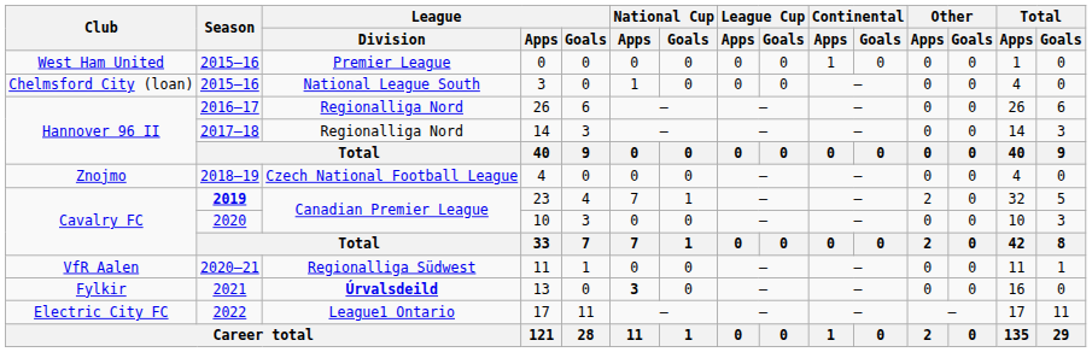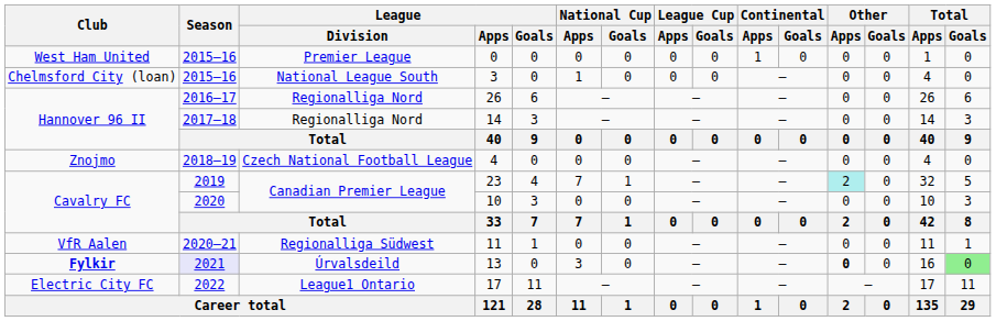 <table class="wikitable" style="text-align:center">
 <tr>
 <th rowspan="2">Club</th>
 <th rowspan="2">Season</th>
 <th colspan="3">League</th>
 <th colspan="2">National Cup</th>
 <th colspan="2">League Cup</th>
 <th colspan="2">Continental</th>
 <th colspan="2">Other</th>
 <th colspan="2">Total</th>
 </tr>
 <tr>
 <th>Division</th>
 <th>Apps</th>
 <th>Goals</th>
 <th>Apps</th>
 <th>Goals</th>
 <th>Apps</th>
 <th>Goals</th>
 <th>Apps</th>
 <th>Goals</th>
 <th>Apps</th>
 <th>Goals</th>
 <th>Apps</th>
 <th>Goals</th>
 </tr>
 <tr>
 <td><a href='#'>West Ham United</a></td>
 <td><a href='#'>2015–16</a></td>
 <td><a href='#'>Premier League</a></td>
 <td>0</td>
 <td>0</td>
 <td>0</td>
 <td>0</td>
 <td>0</td>
 <td>0</td>
 <td>1</td>
 <td>0</td>
 <td>0</td>
 <td>0</td>
 <td>1</td>
 <td>0</td>
 </tr>
 <tr>
 <td><a href='#'>Chelmsford City</a> (loan)</td>
 <td><a href='#'>2015–16</a></td>
 <td><a href='#'>National League South</a></td>
 <td>3</td>
 <td>0</td>
 <td>1</td>
 <td>0</td>
 <td>0</td>
 <td>0</td>
 <td colspan="2">—</td>
 <td>0</td>
 <td>0</td>
 <td>4</td>
 <td>0</td>
 </tr>
 <tr>
 <td rowspan="3"><a href='#'>Hannover 96 II</a></td>
 <td><a href='#'>2016–17</a></td>
 <td><a href='#'>Regionalliga Nord</a></td>
 <td>26</td>
 <td>6</td>
 <td colspan="2">—</td>
 <td colspan="2">—</td>
 <td colspan="2">—</td>
 <td>0</td>
 <td>0</td>
 <td>26</td>
 <td>6</td>
 </tr>
 <tr>
 <td><a href='#'>2017–18</a></td>
 <td>Regionalliga Nord</td>
 <td>14</td>
 <td>3</td>
 <td colspan="2">—</td>
 <td colspan="2">—</td>
 <td colspan="2">—</td>
 <td>0</td>
 <td>0</td>
 <td>14</td>
 <td>3</td>
 </tr>
 <tr>
 <th colspan="2">Total</th>
 <th>40</th>
 <th>9</th>
 <th>0</th>
 <th>0</th>
 <th>0</th>
 <th>0</th>
 <th>0</th>
 <th>0</th>
 <th>0</th>
 <th>0</th>
 <th>40</th>
 <th>9</th>
 </tr>
 <tr>
 <td><a href='#'>Znojmo</a></td>
 <td><a href='#'>2018–19</a></td>
 <td><a href='#'>Czech National Football League</a></td>
 <td>4</td>
 <td>0</td>
 <td>0</td>
 <td>0</td>
 <td colspan="2">—</td>
 <td colspan="2">—</td>
 <td>0</td>
 <td>0</td>
 <td>4</td>
 <td>0</td>
 </tr>
 <tr>
 <td rowspan="3"><a href='#'>Cavalry FC</a></td>
-<td><strong><a href='#'>2019</a></strong></td>
+<td><a href='#'>2019</a></td>
 <td rowspan="2"><a href='#'>Canadian Premier League</a></td>
 <td>23</td>
 <td>4</td>
 <td>7</td>
 <td>1</td>
 <td colspan="2">—</td>
 <td colspan="2">—</td>
-<td>2</td>
+<td style="background: paleturquoise;">2</td>
 <td>0</td>
 <td>32</td>
 <td>5</td>
 </tr>
 <tr>
 <td><a href='#'>2020</a></td>
 <td>10</td>
 <td>3</td>
 <td>0</td>
 <td>0</td>
 <td colspan="2">—</td>
 <td colspan="2">—</td>
 <td>0</td>
 <td>0</td>
 <td>10</td>
 <td>3</td>
 </tr>
 <tr>
 <th colspan="2">Total</th>
 <th>33</th>
 <th>7</th>
 <th>7</th>
 <th>1</th>
 <th>0</th>
 <th>0</th>
 <th>0</th>
 <th>0</th>
 <th>2</th>
 <th>0</th>
 <th>42</th>
 <th>8</th>
 </tr>
 <tr>
 <td><a href='#'>VfR Aalen</a></td>
 <td><a href='#'>2020–21</a></td>
 <td><a href='#'>Regionalliga Südwest</a></td>
 <td>11</td>
 <td>1</td>
 <td>0</td>
 <td>0</td>
 <td colspan="2">—</td>
 <td colspan="2">—</td>
 <td>0</td>
 <td>0</td>
 <td>11</td>
 <td>1</td>
 </tr>
 <tr>
-<td><a href='#'>Fylkir</a></td>
-<td><a href='#'>2021</a></td>
-<td><strong><a href='#'>Úrvalsdeild</a></strong></td>
+<td><strong><a href='#'>Fylkir</a></strong></td>
+<td style="background: lavender;"><a href='#'>2021</a></td>
+<td><a href='#'>Úrvalsdeild</a></td>
 <td>13</td>
 <td>0</td>
-<td><strong>3</strong></td>
+<td>3</td>
 <td>0</td>
 <td colspan="2">—</td>
 <td colspan="2">—</td>
-<td>0</td>
+<td><strong>0</strong></td>
 <td>0</td>
 <td>16</td>
-<td>0</td>
+<td style="background: lightgreen;">0</td>
 </tr>
 <tr>
 <td><a href='#'>Electric City FC</a></td>
 <td><a href='#'>2022</a></td>
 <td><a href='#'>League1 Ontario</a></td>
 <td>17</td>
 <td>11</td>
 <td colspan="2">—</td>
 <td colspan="2">—</td>
 <td colspan="2">—</td>
 <td colspan="2">—</td>
 <td>17</td>
 <td>11</td>
 </tr>
 <tr>
 <th colspan="3">Career total</th>
 <th>121</th>
 <th>28</th>
 <th>11</th>
 <th>1</th>
 <th>0</th>
 <th>0</th>
 <th>1</th>
 <th>0</th>
 <th>2</th>
 <th>0</th>
 <th>135</th>
 <th>29</th>
 </tr>
 </table>
